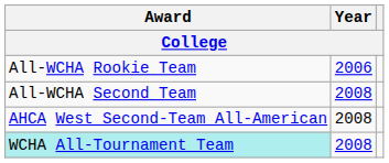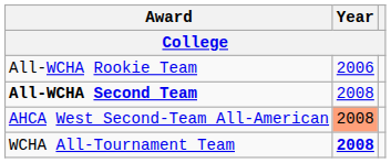 <table class="wikitable">
 <tr>
 <th>Award</th>
 <th>Year</th>
 <th></th>
 </tr>
 <tr>
 <th colspan="3"><a href='#'>College</a></th>
 </tr>
 <tr>
 <td>All-<a href='#'>WCHA</a> <a href='#'>Rookie Team</a></td>
 <td><a href='#'>2006</a></td>
 <td></td>
 </tr>
 <tr>
-<td>All-WCHA <a href='#'>Second Team</a></td>
+<td><strong>All-WCHA <a href='#'>Second Team</a></strong></td>
 <td><a href='#'>2008</a></td>
 <td></td>
 </tr>
 <tr>
 <td><a href='#'>AHCA</a> <a href='#'>West Second-Team All-American</a></td>
-<td>2008</td>
+<td style="background: lightsalmon;">2008</td>
 <td></td>
 </tr>
 <tr>
-<td style="background: paleturquoise;">WCHA <a href='#'>All-Tournament Team</a></td>
-<td><a href='#'>2008</a></td>
+<td>WCHA <a href='#'>All-Tournament Team</a></td>
+<td><strong><a href='#'>2008</a></strong></td>
 <td></td>
 </tr>
 </table>
